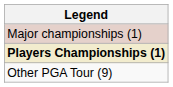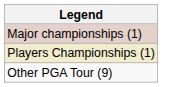 <table class="wikitable" style="font-size:95%;">
 <tr>
 <th>Legend</th>
 </tr>
 <tr style="background:#e5d1cb;">
 <td>Major championships  (1)</td>
 </tr>
 <tr style="background:#f2ecce;">
-<td><strong>Players Championships (1)</strong></td>
+<td>Players Championships (1)</td>
 </tr>
 <tr>
 <td>Other PGA Tour (9)</td>
 </tr>
 </table>
